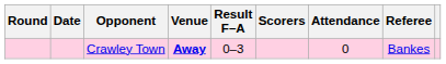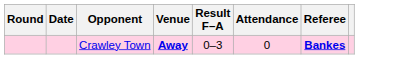 <table class="wikitable" style="text-align:center">
 <tr>
 <th>Round</th>
 <th>Date</th>
 <th>Opponent</th>
 <th>Venue</th>
 <th>Result<br>F–A</th>
-<th>Scorers</th>
 <th>Attendance</th>
 <th>Referee</th>
 <th></th>
 </tr>
 <tr style="background-color: #FFD0E3">
 <td></td>
 <td></td>
 <td><a href='#'>Crawley Town</a></td>
 <td><strong><a href='#'>Away</a></strong></td>
 <td>0–3</td>
-<td></td>
 <td>0</td>
-<td><a href='#'>Bankes</a></td>
+<td><strong><a href='#'>Bankes</a></strong></td>
 <td></td>
 </tr>
 </table>
